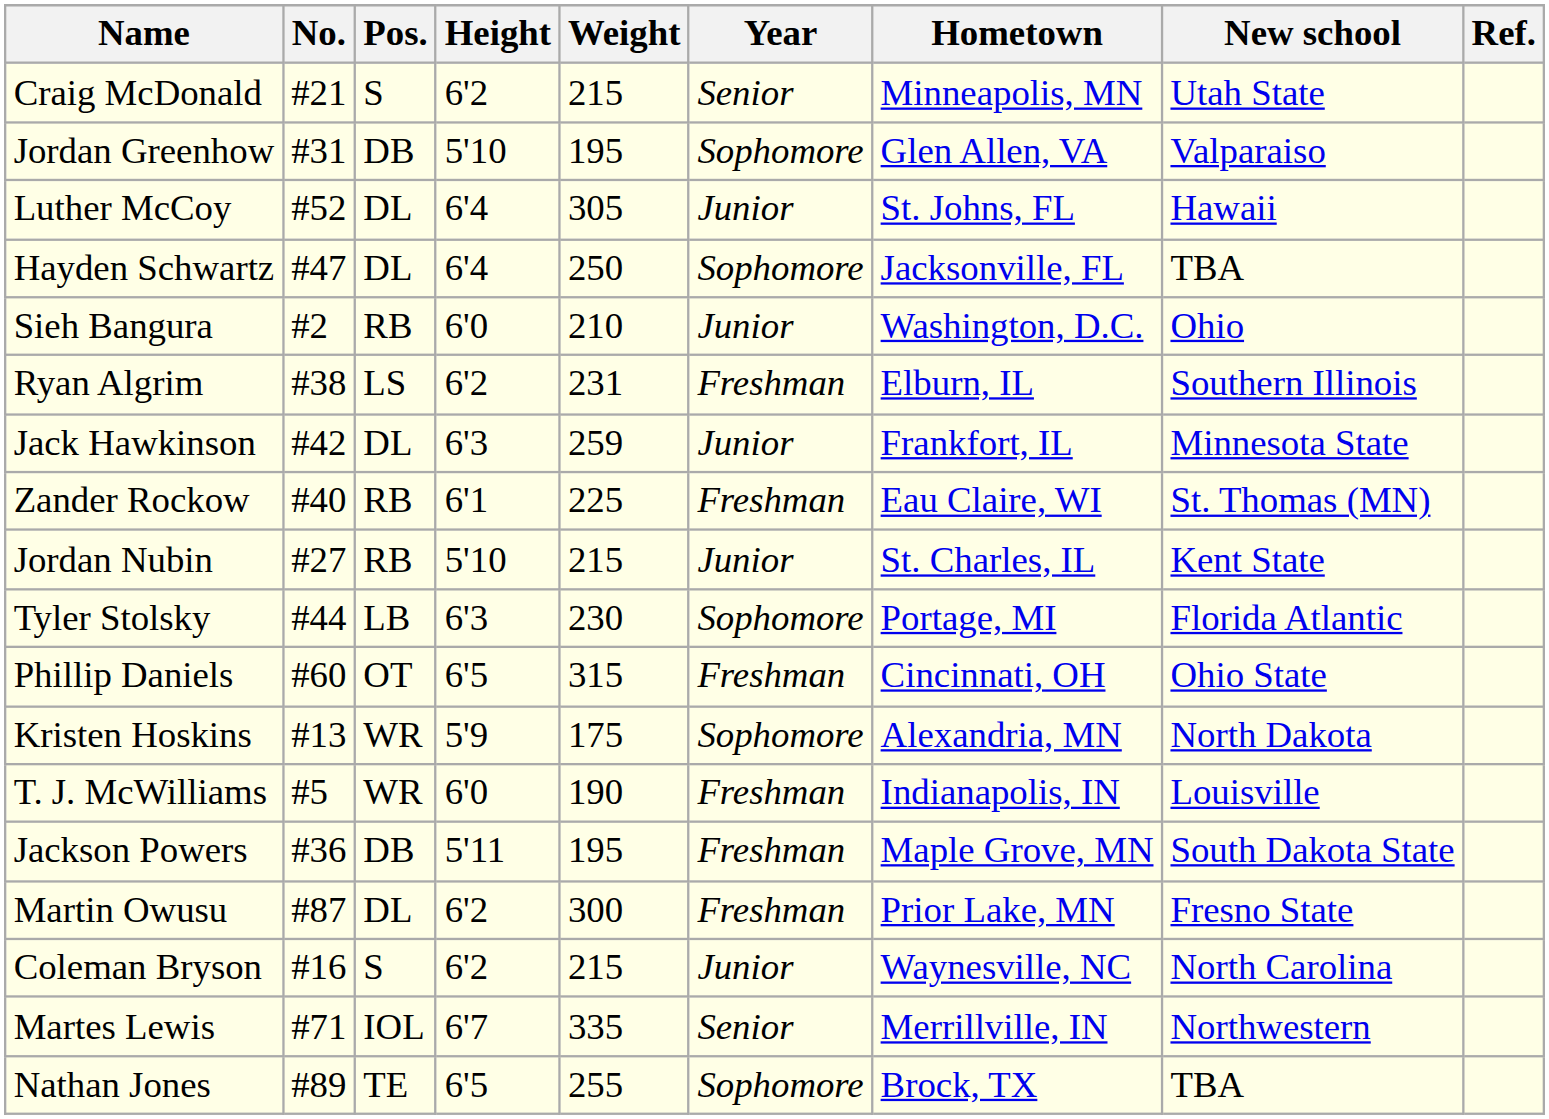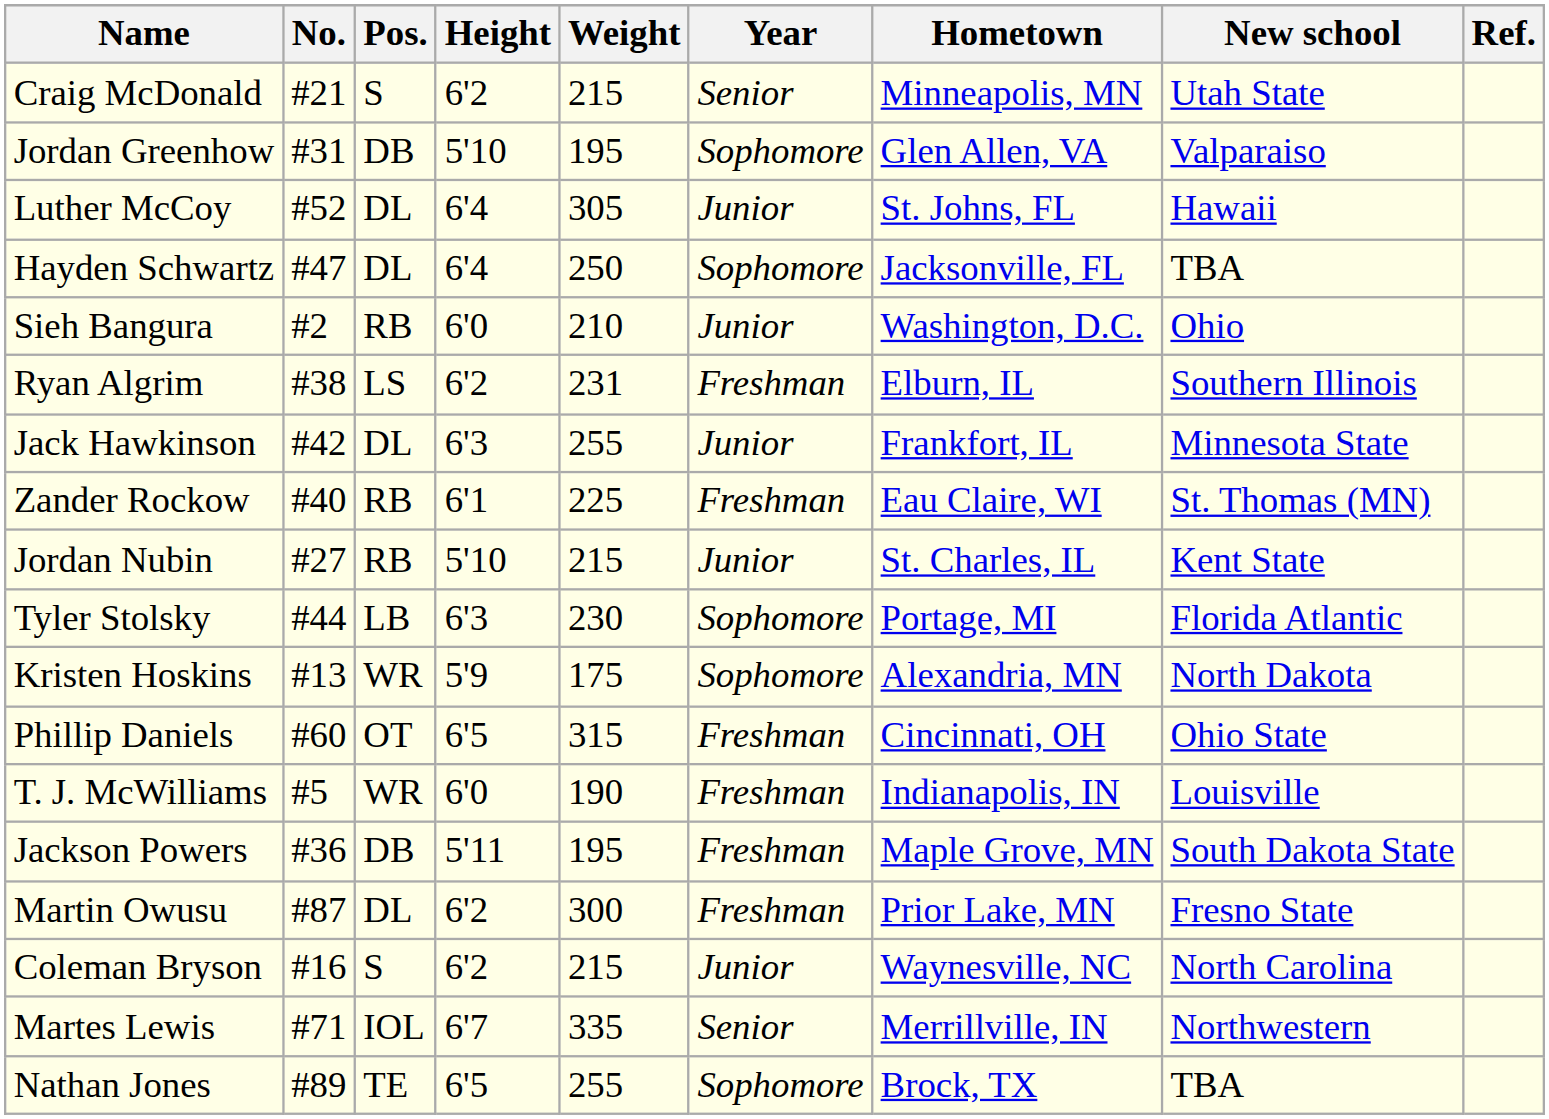 <table class="wikitable sortable sortable">
 <tr>
 </tr>
 <tr>
 <th style="text-align:center; ">Name</th>
 <th style="text-align:center; ">No.</th>
 <th style="text-align:center; ">Pos.</th>
 <th style="text-align:center; ">Height</th>
 <th style="text-align:center; ">Weight</th>
 <th style="text-align:center; ">Year</th>
 <th style="text-align:center; ">Hometown</th>
 <th style="text-align:center; ">New school</th>
 <th style="text-align:center; ">Ref.</th>
 </tr>
 <tr style="background:#FFFFE6;">
 <td>Craig McDonald</td>
 <td>#21</td>
 <td>S</td>
 <td>6'2</td>
 <td>215</td>
 <td><em> Senior</em></td>
 <td><a href='#'>Minneapolis, MN</a></td>
 <td><a href='#'>Utah State</a></td>
 <td></td>
 </tr>
 <tr style="background:#FFFFE6;">
 <td>Jordan Greenhow</td>
 <td>#31</td>
 <td>DB</td>
 <td>5'10</td>
 <td>195</td>
 <td><em> Sophomore</em></td>
 <td><a href='#'>Glen Allen, VA</a></td>
 <td><a href='#'>Valparaiso</a></td>
 <td></td>
 </tr>
 <tr style="background:#FFFFE6;">
 <td>Luther McCoy</td>
 <td>#52</td>
 <td>DL</td>
 <td>6'4</td>
 <td>305</td>
 <td><em> Junior</em></td>
 <td><a href='#'>St. Johns, FL</a></td>
 <td><a href='#'>Hawaii</a></td>
 <td></td>
 </tr>
 <tr style="background:#FFFFE6;">
 <td>Hayden Schwartz</td>
 <td>#47</td>
 <td>DL</td>
 <td>6'4</td>
 <td>250</td>
 <td><em> Sophomore</em></td>
 <td><a href='#'>Jacksonville, FL</a></td>
 <td>TBA</td>
 <td></td>
 </tr>
 <tr style="background:#FFFFE6;">
 <td>Sieh Bangura</td>
 <td>#2</td>
 <td>RB</td>
 <td>6'0</td>
 <td>210</td>
 <td><em> Junior</em></td>
 <td><a href='#'>Washington, D.C.</a></td>
 <td><a href='#'>Ohio</a></td>
 <td></td>
 </tr>
 <tr style="background:#FFFFE6;">
 <td>Ryan Algrim</td>
 <td>#38</td>
 <td>LS</td>
 <td>6'2</td>
 <td>231</td>
 <td><em> Freshman</em></td>
 <td><a href='#'>Elburn, IL</a></td>
 <td><a href='#'>Southern Illinois</a></td>
 <td></td>
 </tr>
 <tr style="background:#FFFFE6;">
 <td>Jack Hawkinson</td>
 <td>#42</td>
 <td>DL</td>
 <td>6'3</td>
-<td>259</td>
+<td>255</td>
 <td><em> Junior</em></td>
 <td><a href='#'>Frankfort, IL</a></td>
 <td><a href='#'>Minnesota State</a></td>
 <td></td>
 </tr>
 <tr style="background:#FFFFE6;">
 <td>Zander Rockow</td>
 <td>#40</td>
 <td>RB</td>
 <td>6'1</td>
 <td>225</td>
 <td><em> Freshman</em></td>
 <td><a href='#'>Eau Claire, WI</a></td>
 <td><a href='#'>St. Thomas (MN)</a></td>
 <td></td>
 </tr>
 <tr style="background:#FFFFE6;">
 <td>Jordan Nubin</td>
 <td>#27</td>
 <td>RB</td>
 <td>5'10</td>
 <td>215</td>
 <td><em> Junior</em></td>
 <td><a href='#'>St. Charles, IL</a></td>
 <td><a href='#'>Kent State</a></td>
 <td></td>
 </tr>
 <tr style="background:#FFFFE6;">
 <td>Tyler Stolsky</td>
 <td>#44</td>
 <td>LB</td>
 <td>6'3</td>
 <td>230</td>
 <td><em> Sophomore</em></td>
 <td><a href='#'>Portage, MI</a></td>
 <td><a href='#'>Florida Atlantic</a></td>
 <td></td>
 </tr>
 <tr style="background:#FFFFE6;">
+<td>Kristen Hoskins</td>
+<td>#13</td>
+<td>WR</td>
+<td>5'9</td>
+<td>175</td>
+<td><em> Sophomore</em></td>
+<td><a href='#'>Alexandria, MN</a></td>
+<td><a href='#'>North Dakota</a></td>
+<td></td>
+</tr>
+<tr style="background:#FFFFE6;">
 <td>Phillip Daniels</td>
 <td>#60</td>
 <td>OT</td>
 <td>6'5</td>
 <td>315</td>
 <td><em> Freshman</em></td>
 <td><a href='#'>Cincinnati, OH</a></td>
 <td><a href='#'>Ohio State</a></td>
-<td></td>
-</tr>
-<tr style="background:#FFFFE6;">
-<td>Kristen Hoskins</td>
-<td>#13</td>
-<td>WR</td>
-<td>5'9</td>
-<td>175</td>
-<td><em> Sophomore</em></td>
-<td><a href='#'>Alexandria, MN</a></td>
-<td><a href='#'>North Dakota</a></td>
 <td></td>
 </tr>
 <tr style="background:#FFFFE6;">
 <td>T. J. McWilliams</td>
 <td>#5</td>
 <td>WR</td>
 <td>6'0</td>
 <td>190</td>
 <td><em> Freshman</em></td>
 <td><a href='#'>Indianapolis, IN</a></td>
 <td><a href='#'>Louisville</a></td>
 <td></td>
 </tr>
 <tr style="background:#FFFFE6;">
 <td>Jackson Powers</td>
 <td>#36</td>
 <td>DB</td>
 <td>5'11</td>
 <td>195</td>
 <td><em> Freshman</em></td>
 <td><a href='#'>Maple Grove, MN</a></td>
 <td><a href='#'>South Dakota State</a></td>
 <td></td>
 </tr>
 <tr style="background:#FFFFE6;">
 <td>Martin Owusu</td>
 <td>#87</td>
 <td>DL</td>
 <td>6'2</td>
 <td>300</td>
 <td><em> Freshman</em></td>
 <td><a href='#'>Prior Lake, MN</a></td>
 <td><a href='#'>Fresno State</a></td>
 <td></td>
 </tr>
 <tr style="background:#FFFFE6;">
 <td>Coleman Bryson</td>
 <td>#16</td>
 <td>S</td>
 <td>6'2</td>
 <td>215</td>
 <td><em> Junior</em></td>
 <td><a href='#'>Waynesville, NC</a></td>
 <td><a href='#'>North Carolina</a></td>
 <td></td>
 </tr>
 <tr style="background:#FFFFE6;">
 <td>Martes Lewis</td>
 <td>#71</td>
 <td>IOL</td>
 <td>6'7</td>
 <td>335</td>
 <td><em> Senior</em></td>
 <td><a href='#'>Merrillville, IN</a></td>
 <td><a href='#'>Northwestern</a></td>
 <td></td>
 </tr>
 <tr style="background:#FFFFE6;">
 <td>Nathan Jones</td>
 <td>#89</td>
 <td>TE</td>
 <td>6'5</td>
 <td>255</td>
 <td><em> Sophomore</em></td>
 <td><a href='#'>Brock, TX</a></td>
 <td>TBA</td>
 <td></td>
 </tr>
 </table>
